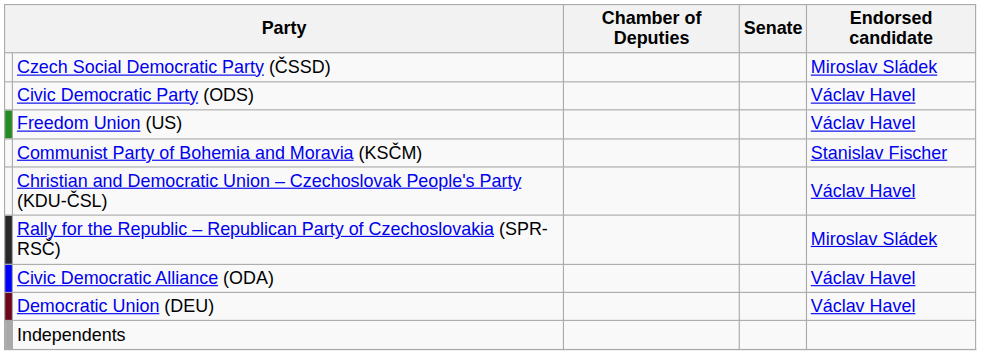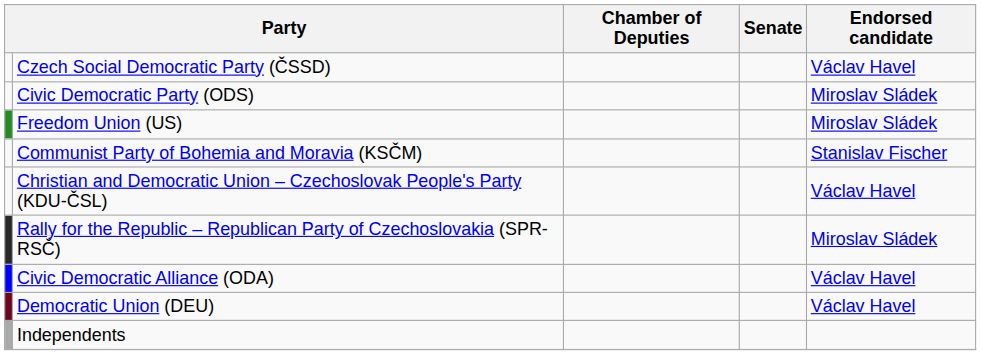 <table class=wikitable style=text-align:left>
 <tr>
 <th colspan=2>Party</th>
 <th>Chamber of Deputies</th>
 <th>Senate</th>
 <th>Endorsed candidate</th>
 </tr>
 <tr>
 <td></td>
 <td><a href='#'>Czech Social Democratic Party</a> (ČSSD)</td>
 <td></td>
 <td></td>
-<td><a href='#'>Miroslav Sládek</a></td>
+<td><a href='#'>Václav Havel</a></td>
 </tr>
 <tr>
 <td></td>
 <td><a href='#'>Civic Democratic Party</a> (ODS)</td>
 <td></td>
 <td></td>
-<td><a href='#'>Václav Havel</a></td>
+<td><a href='#'>Miroslav Sládek</a></td>
 </tr>
 <tr>
 <td style="background:#228b22;"></td>
 <td><a href='#'>Freedom Union</a> (US)</td>
 <td></td>
 <td></td>
-<td><a href='#'>Václav Havel</a></td>
+<td><a href='#'>Miroslav Sládek</a></td>
 </tr>
 <tr>
 <td></td>
 <td><a href='#'>Communist Party of Bohemia and Moravia</a> (KSČM)</td>
 <td></td>
 <td></td>
 <td><a href='#'>Stanislav Fischer</a></td>
 </tr>
 <tr>
 <td></td>
 <td><a href='#'>Christian and Democratic Union – Czechoslovak People's Party</a> (KDU-ČSL)</td>
 <td></td>
 <td></td>
 <td><a href='#'>Václav Havel</a></td>
 </tr>
 <tr>
 <td style="background:#292829;"></td>
 <td><a href='#'>Rally for the Republic – Republican Party of Czechoslovakia</a> (SPR-RSČ)</td>
 <td></td>
 <td></td>
 <td><a href='#'>Miroslav Sládek</a></td>
 </tr>
 <tr>
 <td style="background:#0000FF;"></td>
 <td><a href='#'>Civic Democratic Alliance</a> (ODA)</td>
 <td></td>
 <td></td>
 <td><a href='#'>Václav Havel</a></td>
 </tr>
 <tr>
 <td style="background:#6D051C;"></td>
 <td><a href='#'>Democratic Union</a> (DEU)</td>
 <td></td>
 <td></td>
 <td><a href='#'>Václav Havel</a></td>
 </tr>
 <tr>
 <td style="background:#A9A9A9;"></td>
 <td>Independents</td>
 <td></td>
 <td></td>
 <td></td>
 </tr>
 <tr>
 </tr>
 </table>
